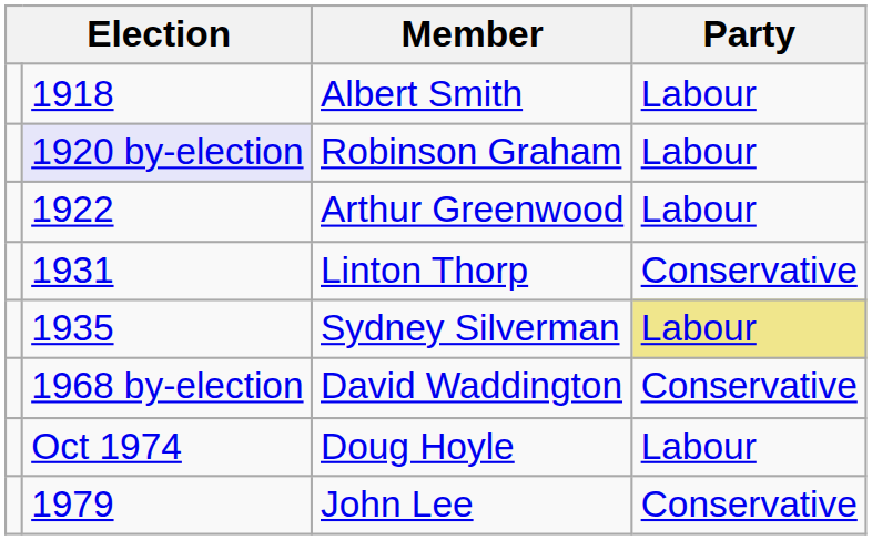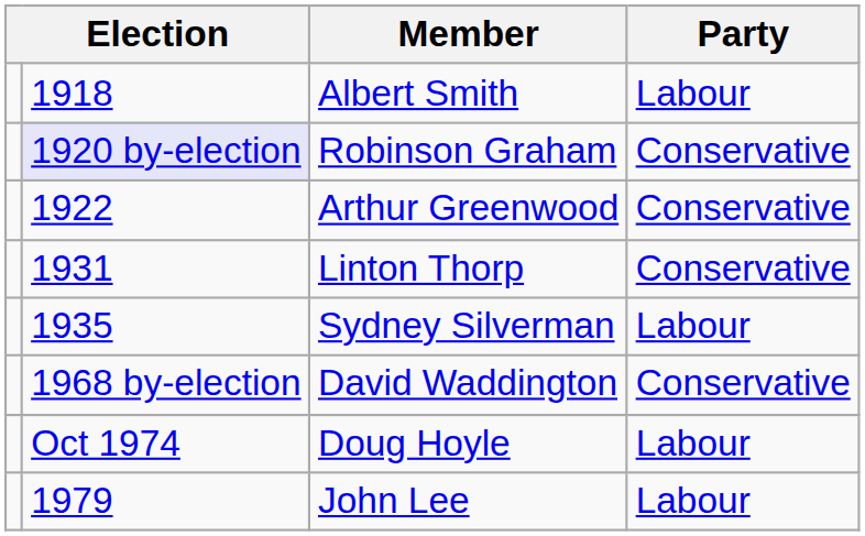 <table class="wikitable">
 <tr>
 <th colspan=2>Election</th>
 <th>Member</th>
 <th>Party</th>
 </tr>
 <tr>
 <td style="color:inherit;background-color: "></td>
 <td><a href='#'>1918</a></td>
 <td><a href='#'>Albert Smith</a></td>
 <td><a href='#'>Labour</a></td>
 </tr>
 <tr>
 <td style="color:inherit;background-color: "></td>
 <td style="background: lavender;"><a href='#'>1920 by-election</a></td>
 <td><a href='#'>Robinson Graham</a></td>
-<td><a href='#'>Labour</a></td>
+<td><a href='#'>Conservative</a></td>
 </tr>
 <tr>
 <td style="color:inherit;background-color: "></td>
 <td><a href='#'>1922</a></td>
 <td><a href='#'>Arthur Greenwood</a></td>
-<td><a href='#'>Labour</a></td>
+<td><a href='#'>Conservative</a></td>
 </tr>
 <tr>
 <td style="color:inherit;background-color: "></td>
 <td><a href='#'>1931</a></td>
 <td><a href='#'>Linton Thorp</a></td>
 <td><a href='#'>Conservative</a></td>
 </tr>
 <tr>
 <td style="color:inherit;background-color: "></td>
 <td><a href='#'>1935</a></td>
 <td><a href='#'>Sydney Silverman</a></td>
-<td style="background: khaki;"><a href='#'>Labour</a></td>
+<td><a href='#'>Labour</a></td>
 </tr>
 <tr>
 <td style="color:inherit;background-color: "></td>
 <td><a href='#'>1968 by-election</a></td>
 <td><a href='#'>David Waddington</a></td>
 <td><a href='#'>Conservative</a></td>
 </tr>
 <tr>
 <td style="color:inherit;background-color: "></td>
 <td><a href='#'>Oct 1974</a></td>
 <td><a href='#'>Doug Hoyle</a></td>
 <td><a href='#'>Labour</a></td>
 </tr>
 <tr>
 <td style="color:inherit;background-color: "></td>
 <td><a href='#'>1979</a></td>
 <td><a href='#'>John Lee</a></td>
-<td><a href='#'>Conservative</a></td>
+<td><a href='#'>Labour</a></td>
 </tr>
 </table>
